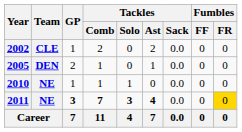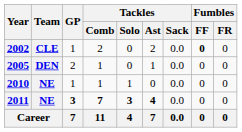 <table class="wikitable" style="text-align:center">
 <tr>
 <th rowspan="2">Year</th>
 <th rowspan="2">Team</th>
 <th rowspan="2">GP</th>
 <th colspan="4">Tackles</th>
 <th colspan="2">Fumbles</th>
 </tr>
 <tr>
 <th>Comb</th>
 <th>Solo</th>
 <th>Ast</th>
 <th>Sack</th>
 <th>FF</th>
 <th>FR</th>
 </tr>
 <tr>
 <th><a href='#'>2002</a></th>
 <th><a href='#'>CLE</a></th>
 <td>1</td>
 <td>2</td>
 <td>0</td>
 <td>2</td>
 <td>0.0</td>
-<td>0</td>
+<td><strong>0</strong></td>
 <td>0</td>
 </tr>
 <tr>
 <th><a href='#'>2005</a></th>
 <th><a href='#'>DEN</a></th>
 <td>2</td>
 <td>1</td>
 <td>0</td>
 <td>1</td>
 <td>0.0</td>
 <td>0</td>
 <td>0</td>
 </tr>
 <tr>
 <th><a href='#'>2010</a></th>
 <th><a href='#'>NE</a></th>
 <td>1</td>
 <td>1</td>
 <td>1</td>
 <td>0</td>
 <td>0.0</td>
 <td>0</td>
 <td>0</td>
 </tr>
 <tr>
 <th><a href='#'>2011</a></th>
 <th><a href='#'>NE</a></th>
 <td><strong>3</strong></td>
 <td><strong>7</strong></td>
 <td><strong>3</strong></td>
 <td><strong>4</strong></td>
 <td>0.0</td>
 <td>0</td>
-<td style="background: gold;">0</td>
+<td>0</td>
 </tr>
 <tr>
 <th colspan="2">Career</th>
 <th>7</th>
 <th>11</th>
 <th>4</th>
 <th>7</th>
 <th>0.0</th>
 <th>0</th>
 <th>0</th>
 </tr>
 </table>
